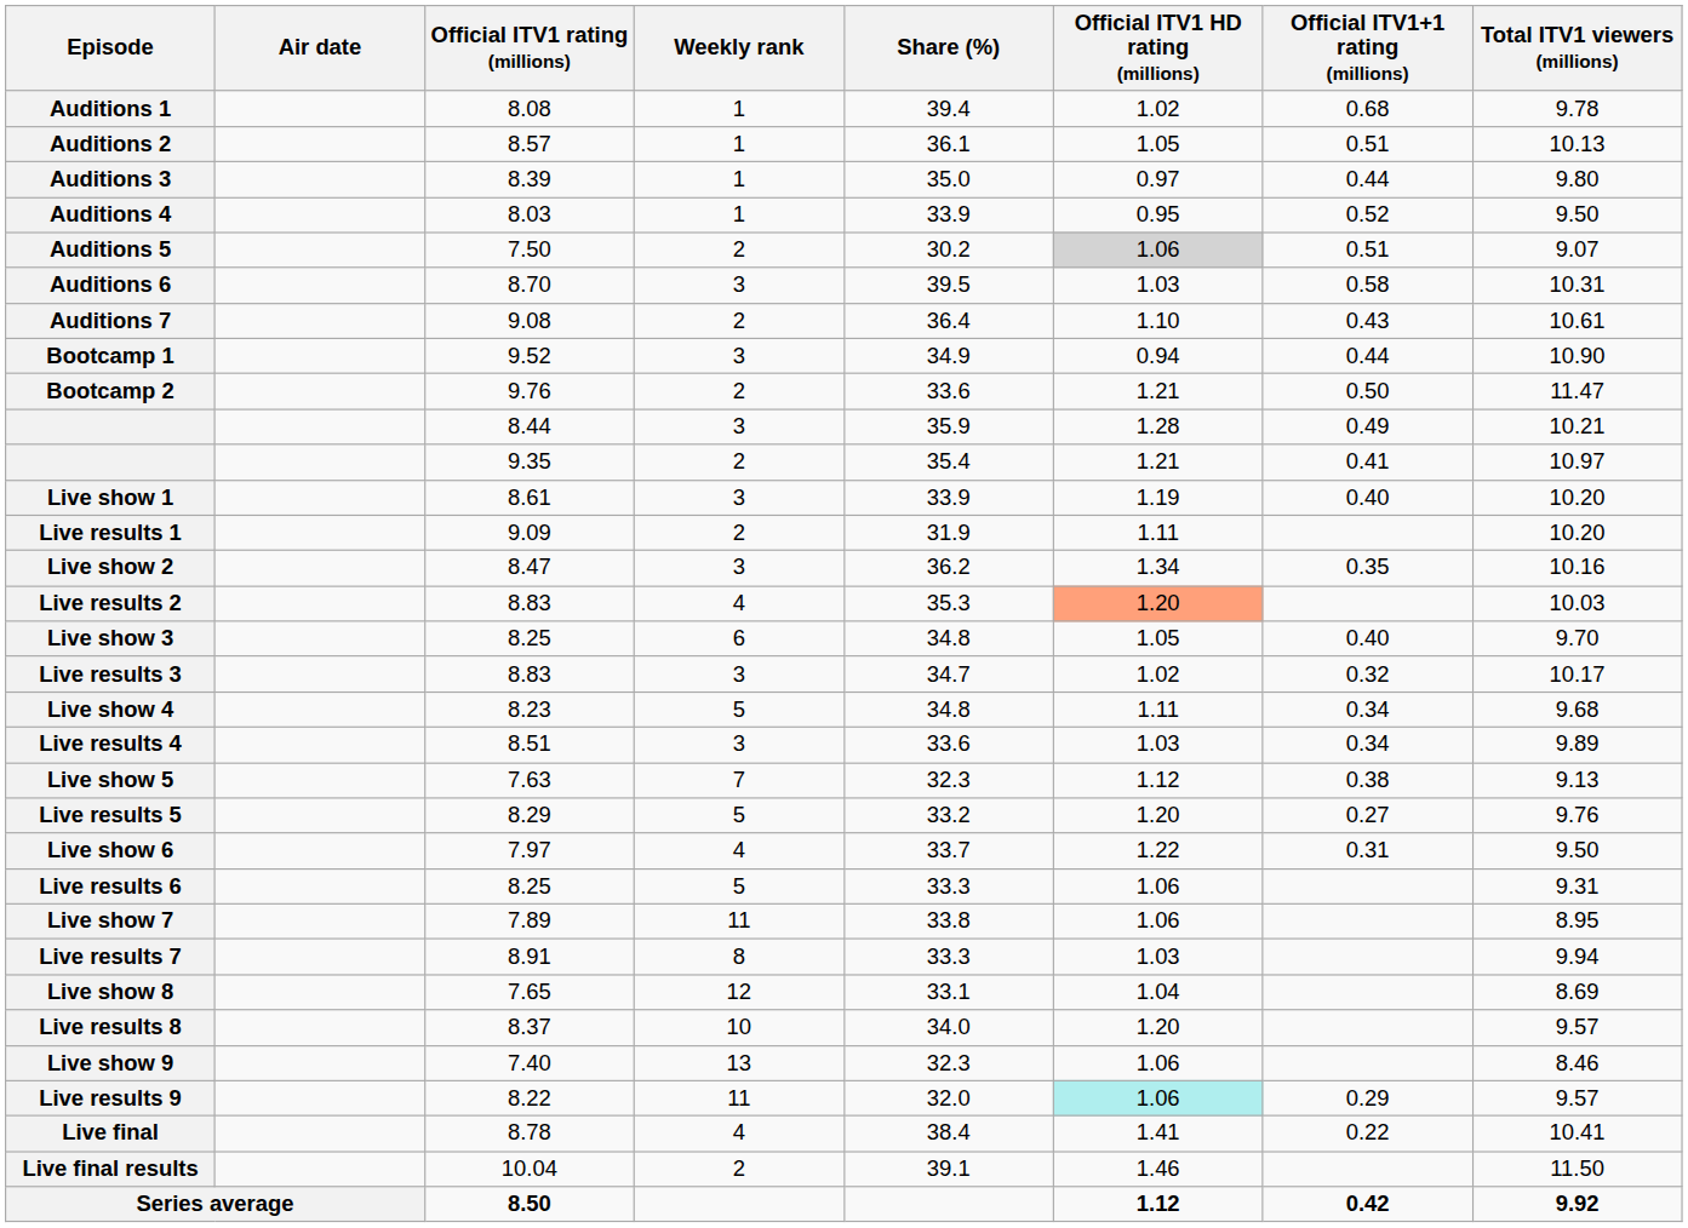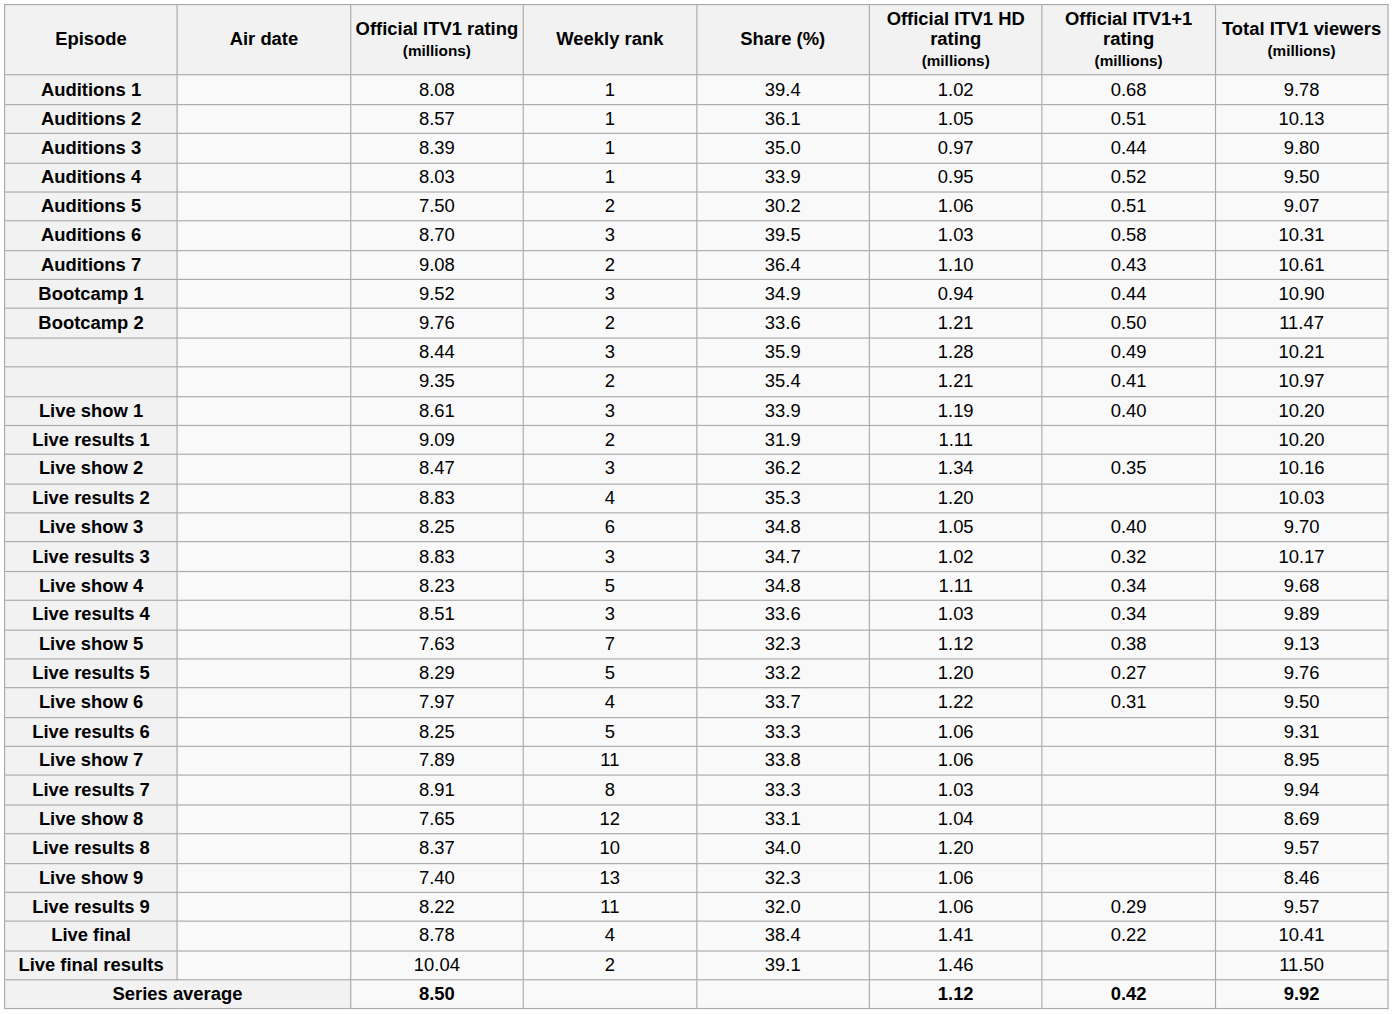 <table class="wikitable sortable" style="text-align:center">
 <tr>
 <th scope="col" style="width:143px;">Episode</th>
 <th scope="col" style="width:143px;">Air date</th>
 <th scope="col" style="width:143px;">Official ITV1 rating<br><small>(millions)</small></th>
 <th scope="col" style="width:143px;">Weekly rank </th>
 <th scope="col" style="width:143px;">Share (%)</th>
 <th scope="col" style="width:143px;">Official ITV1 HD rating<br><small>(millions)</small></th>
 <th scope="col" style="width:143px;">Official ITV1+1 rating<br><small>(millions)</small></th>
 <th scope="col" style="width:143px;">Total ITV1 viewers<br><small>(millions)</small></th>
 </tr>
 <tr>
 <th scope="row">Auditions 1</th>
 <td></td>
 <td>8.08</td>
 <td>1</td>
 <td>39.4</td>
 <td>1.02</td>
 <td>0.68</td>
 <td>9.78</td>
 </tr>
 <tr>
 <th scope="row">Auditions 2</th>
 <td></td>
 <td>8.57</td>
 <td>1</td>
 <td>36.1</td>
 <td>1.05</td>
 <td>0.51</td>
 <td>10.13</td>
 </tr>
 <tr>
 <th scope="row">Auditions 3</th>
 <td></td>
 <td>8.39</td>
 <td>1</td>
 <td>35.0</td>
 <td>0.97</td>
 <td>0.44</td>
 <td>9.80</td>
 </tr>
 <tr>
 <th scope="row">Auditions 4</th>
 <td></td>
 <td>8.03</td>
 <td>1</td>
 <td>33.9</td>
 <td>0.95</td>
 <td>0.52</td>
 <td>9.50</td>
 </tr>
 <tr>
 <th scope="row">Auditions 5</th>
 <td></td>
 <td>7.50</td>
 <td>2</td>
 <td>30.2</td>
-<td style="background: lightgrey;">1.06</td>
+<td>1.06</td>
 <td>0.51</td>
 <td>9.07</td>
 </tr>
 <tr>
 <th scope="row">Auditions 6</th>
 <td></td>
 <td>8.70</td>
 <td>3</td>
 <td>39.5</td>
 <td>1.03</td>
 <td>0.58</td>
 <td>10.31</td>
 </tr>
 <tr>
 <th scope="row">Auditions 7</th>
 <td></td>
 <td>9.08</td>
 <td>2</td>
 <td>36.4</td>
 <td>1.10</td>
 <td>0.43</td>
 <td>10.61</td>
 </tr>
 <tr>
 <th scope="row">Bootcamp 1</th>
 <td></td>
 <td>9.52</td>
 <td>3</td>
 <td>34.9</td>
 <td>0.94</td>
 <td>0.44</td>
 <td>10.90</td>
 </tr>
 <tr>
 <th scope="row">Bootcamp 2</th>
 <td></td>
 <td>9.76</td>
 <td>2</td>
 <td>33.6</td>
 <td>1.21</td>
 <td>0.50</td>
 <td>11.47</td>
 </tr>
 <tr>
 <th scope="row"></th>
 <td></td>
 <td>8.44</td>
 <td>3</td>
 <td>35.9</td>
 <td>1.28</td>
 <td>0.49</td>
 <td>10.21</td>
 </tr>
 <tr>
 <th scope="row"></th>
 <td></td>
 <td>9.35</td>
 <td>2</td>
 <td>35.4</td>
 <td>1.21</td>
 <td>0.41</td>
 <td>10.97</td>
 </tr>
 <tr>
 <th scope="row">Live show 1</th>
 <td></td>
 <td>8.61</td>
 <td>3</td>
 <td>33.9</td>
 <td>1.19</td>
 <td>0.40</td>
 <td>10.20</td>
 </tr>
 <tr>
 <th scope="row">Live results 1</th>
 <td></td>
 <td>9.09</td>
 <td>2</td>
 <td>31.9</td>
 <td>1.11</td>
 <td></td>
 <td>10.20</td>
 </tr>
 <tr>
 <th scope="row">Live show 2</th>
 <td></td>
 <td>8.47</td>
 <td>3</td>
 <td>36.2</td>
 <td>1.34</td>
 <td>0.35</td>
 <td>10.16</td>
 </tr>
 <tr>
 <th scope="row">Live results 2</th>
 <td></td>
 <td>8.83</td>
 <td>4</td>
 <td>35.3</td>
-<td style="background: lightsalmon;">1.20</td>
+<td>1.20</td>
 <td></td>
 <td>10.03</td>
 </tr>
 <tr>
 <th scope="row">Live show 3</th>
 <td></td>
 <td>8.25</td>
 <td>6</td>
 <td>34.8</td>
 <td>1.05</td>
 <td>0.40</td>
 <td>9.70</td>
 </tr>
 <tr>
 <th scope="row">Live results 3</th>
 <td></td>
 <td>8.83</td>
 <td>3</td>
 <td>34.7</td>
 <td>1.02</td>
 <td>0.32</td>
 <td>10.17</td>
 </tr>
 <tr>
 <th scope="row">Live show 4</th>
 <td></td>
 <td>8.23</td>
 <td>5</td>
 <td>34.8</td>
 <td>1.11</td>
 <td>0.34</td>
 <td>9.68</td>
 </tr>
 <tr>
 <th scope="row">Live results 4</th>
 <td></td>
 <td>8.51</td>
 <td>3</td>
 <td>33.6</td>
 <td>1.03</td>
 <td>0.34</td>
 <td>9.89</td>
 </tr>
 <tr>
 <th scope="row">Live show 5</th>
 <td></td>
 <td>7.63</td>
 <td>7</td>
 <td>32.3</td>
 <td>1.12</td>
 <td>0.38</td>
 <td>9.13</td>
 </tr>
 <tr>
 <th scope="row">Live results 5</th>
 <td></td>
 <td>8.29</td>
 <td>5</td>
 <td>33.2</td>
 <td>1.20</td>
 <td>0.27</td>
 <td>9.76</td>
 </tr>
 <tr>
 <th scope="row">Live show 6</th>
 <td></td>
 <td>7.97</td>
 <td>4</td>
 <td>33.7</td>
 <td>1.22</td>
 <td>0.31</td>
 <td>9.50</td>
 </tr>
 <tr>
 <th scope="row">Live results 6</th>
 <td></td>
 <td>8.25</td>
 <td>5</td>
 <td>33.3</td>
 <td>1.06</td>
 <td></td>
 <td>9.31</td>
 </tr>
 <tr>
 <th scope="row">Live show 7</th>
 <td></td>
 <td>7.89</td>
 <td>11</td>
 <td>33.8</td>
 <td>1.06</td>
 <td></td>
 <td>8.95</td>
 </tr>
 <tr>
 <th scope="row">Live results 7</th>
 <td></td>
 <td>8.91</td>
 <td>8</td>
 <td>33.3</td>
 <td>1.03</td>
 <td></td>
 <td>9.94</td>
 </tr>
 <tr>
 <th scope="row">Live show 8</th>
 <td></td>
 <td>7.65</td>
 <td>12</td>
 <td>33.1</td>
 <td>1.04</td>
 <td></td>
 <td>8.69</td>
 </tr>
 <tr>
 <th scope="row">Live results 8</th>
 <td></td>
 <td>8.37</td>
 <td>10</td>
 <td>34.0</td>
 <td>1.20</td>
 <td></td>
 <td>9.57</td>
 </tr>
 <tr>
 <th scope="row">Live show 9</th>
 <td></td>
 <td>7.40</td>
 <td>13</td>
 <td>32.3</td>
 <td>1.06</td>
 <td></td>
 <td>8.46</td>
 </tr>
 <tr>
 <th scope="row">Live results 9</th>
 <td></td>
 <td>8.22</td>
 <td>11</td>
 <td>32.0</td>
-<td style="background: paleturquoise;">1.06</td>
+<td>1.06</td>
 <td>0.29</td>
 <td>9.57</td>
 </tr>
 <tr>
 <th scope="row">Live final</th>
 <td></td>
 <td>8.78</td>
 <td>4</td>
 <td>38.4</td>
 <td>1.41</td>
 <td>0.22</td>
 <td>10.41</td>
 </tr>
 <tr>
 <th scope="row">Live final results</th>
 <td></td>
 <td>10.04</td>
 <td>2</td>
 <td>39.1</td>
 <td>1.46</td>
 <td></td>
 <td>11.50</td>
 </tr>
 <tr>
 <th colspan="2" scope="row">Series average</th>
 <td><strong>8.50</strong></td>
 <td></td>
 <td></td>
 <td><strong>1.12</strong></td>
 <td><strong>0.42</strong></td>
 <td><strong>9.92</strong></td>
 </tr>
 </table>
